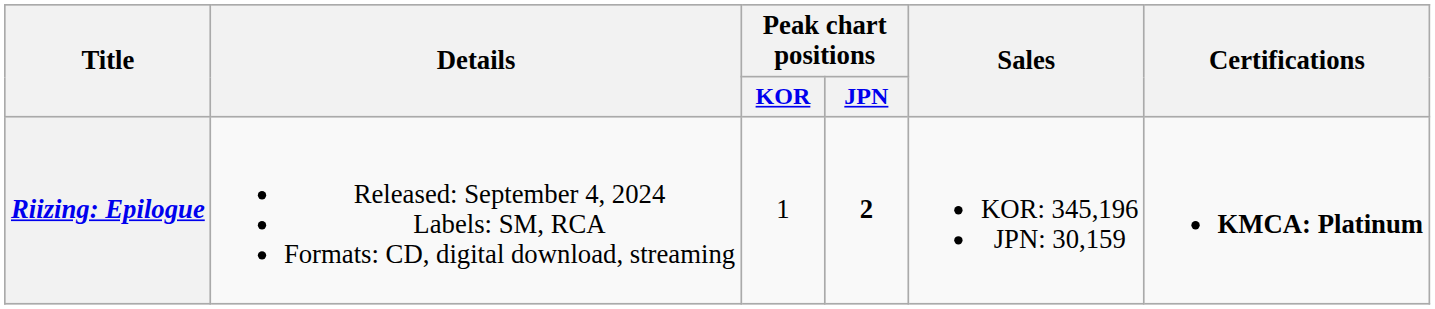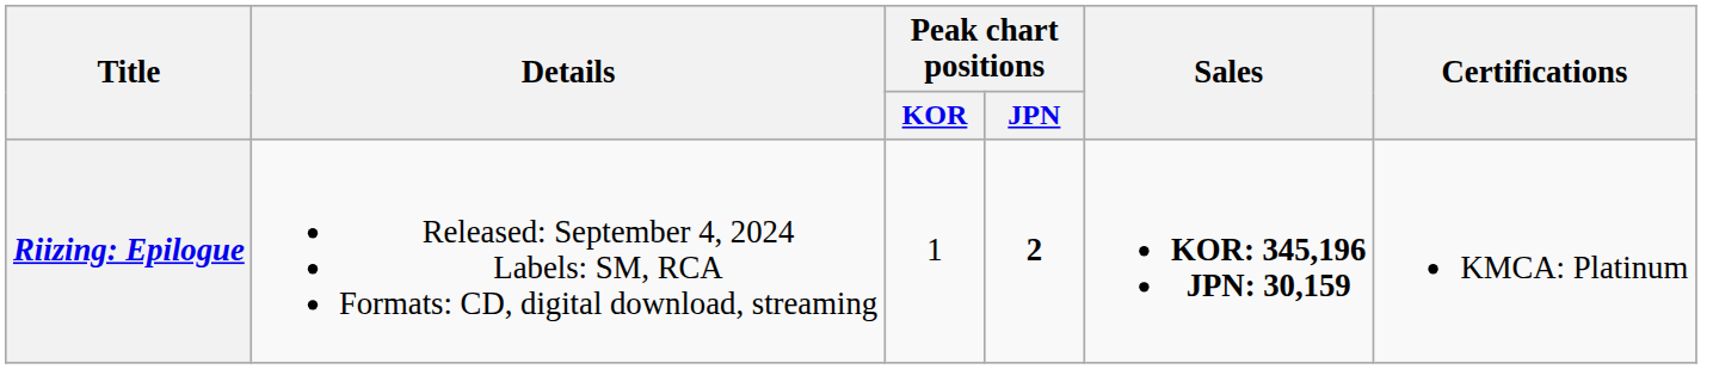 <table class="wikitable plainrowheaders" style="text-align:center">
 <tr>
 <th scope="col" rowspan="2">Title</th>
 <th scope="col" rowspan="2">Details</th>
 <th scope="col" colspan="2">Peak chart positions</th>
 <th scope="col" rowspan="2">Sales</th>
 <th scope="col" rowspan="2">Certifications</th>
 </tr>
 <tr>
 <th scope="col" style="width:3em;font-size:90%"><a href='#'>KOR</a><br></th>
 <th scope="col" style="width:3em;font-size:90%"><a href='#'>JPN</a><br></th>
 </tr>
 <tr>
 <th scope="row"><em><a href='#'>Riizing: Epilogue</a></em></th>
 <td><br><ul><li>Released: September 4, 2024</li><li>Labels: SM, RCA</li><li>Formats: CD, digital download, streaming</li></ul></td>
 <td>1</td>
 <td><strong>2</strong></td>
-<td><br><ul><li>KOR: 345,196</li><li>JPN: 30,159</li></ul></td>
-<td><strong><br><ul><li>KMCA: Platinum</li></ul></strong></td>
+<td><strong><br><ul><li>KOR: 345,196</li><li>JPN: 30,159</li></ul></strong></td>
+<td><br><ul><li>KMCA: Platinum</li></ul></td>
 </tr>
 </table>
